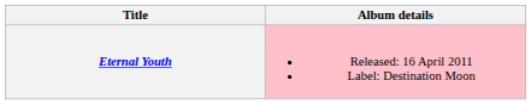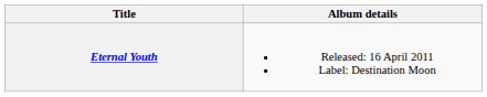 <table class="wikitable plainrowheaders" style="text-align:center;">
 <tr>
 <th rowspan="1" scope="col" style="width:20em;">Title</th>
 <th rowspan="1" scope="col" style="width:20em;">Album details</th>
 </tr>
 <tr>
 <th scope="row"><em><a href='#'>Eternal Youth</a></em></th>
-<td style="background: pink;"><br><ul><li>Released: 16 April 2011</li><li>Label: Destination Moon</li></ul></td>
+<td><br><ul><li>Released: 16 April 2011</li><li>Label: Destination Moon</li></ul></td>
 </tr>
 </table>
